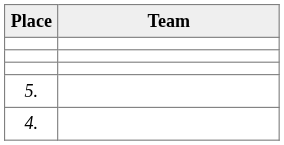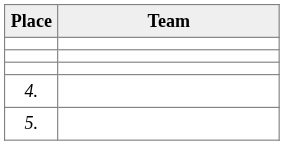 <table style=border-collapse:collapse border=1 cellspacing=0 cellpadding=5>
 <tr align=center bgcolor=#efefef>
 <th width=35>Place</th>
 <th width=185>Team</th>
 </tr>
 <tr align=center>
 <td></td>
 <td style="text-align:left;"></td>
 </tr>
 <tr align=center>
 <td></td>
 <td style="text-align:left;"></td>
 </tr>
 <tr align=center>
 <td></td>
 <td style="text-align:left;"></td>
 </tr>
 <tr align=center>
-<td><em>5.</em></td>
+<td><em>4.</em></td>
 <td style="text-align:left;"></td>
 </tr>
 <tr align=center>
-<td><em>4.</em></td>
+<td><em>5.</em></td>
 <td style="text-align:left;"><br></td>
 </tr>
 </table>
